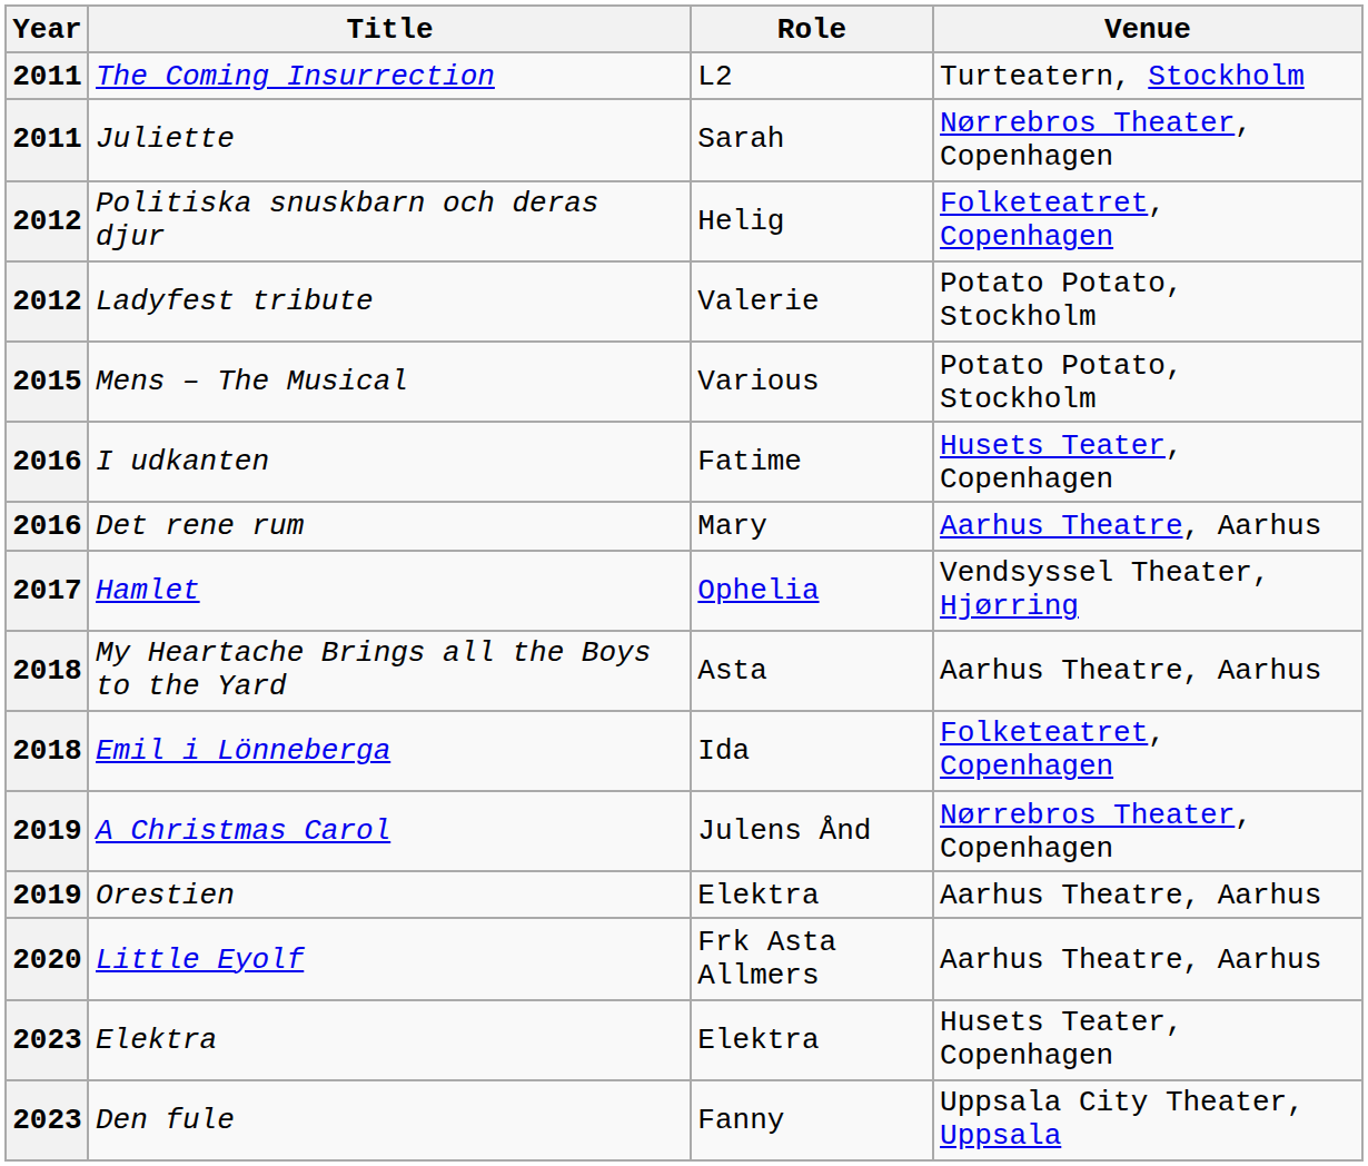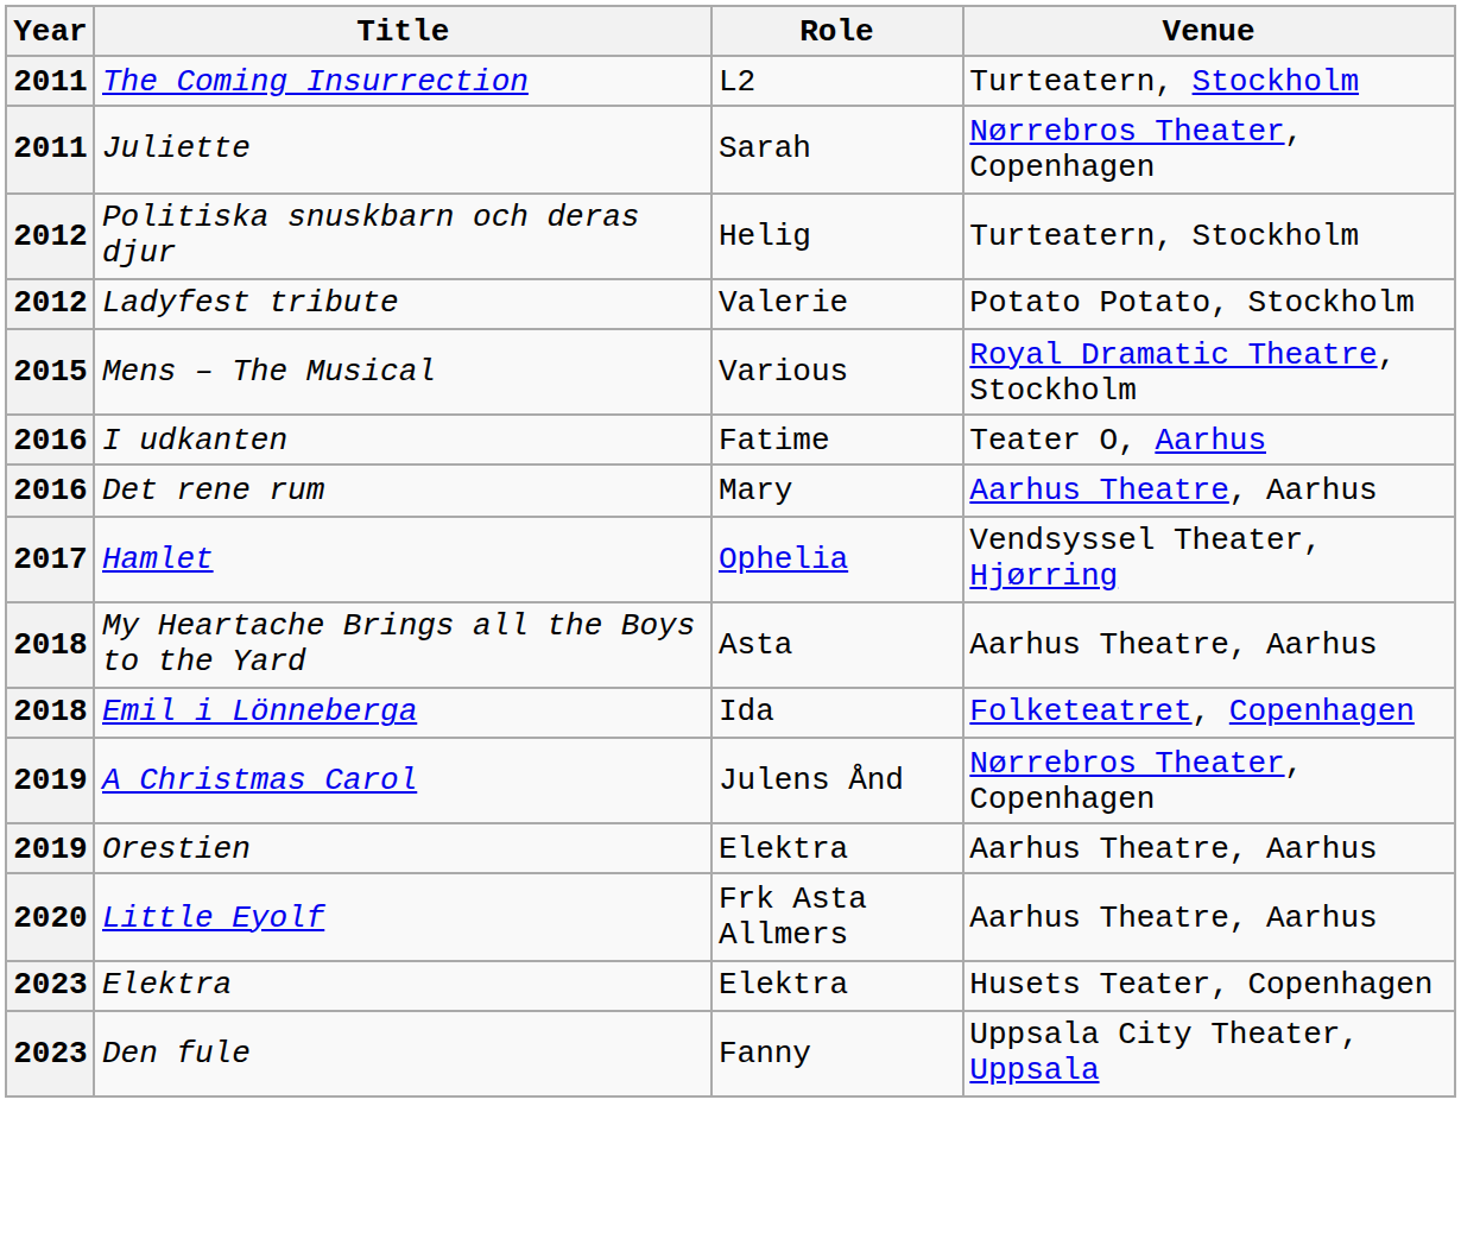 <table class="wikitable sortable plainrowheaders">
 <tr>
 <th>Year</th>
 <th>Title</th>
 <th>Role</th>
 <th>Venue</th>
 </tr>
 <tr>
 <th scope="row">2011</th>
 <td><em><a href='#'>The Coming Insurrection</a></em></td>
 <td>L2</td>
 <td>Turteatern, <a href='#'>Stockholm</a></td>
 </tr>
 <tr>
 <th scope="row">2011</th>
 <td><em>Juliette</em></td>
 <td>Sarah</td>
 <td><a href='#'>Nørrebros Theater</a>, Copenhagen</td>
 </tr>
 <tr>
 <th scope="row">2012</th>
 <td><em>Politiska snuskbarn och deras djur</em></td>
 <td>Helig</td>
-<td><a href='#'>Folketeatret</a>, <a href='#'>Copenhagen</a></td>
+<td>Turteatern, Stockholm</td>
 </tr>
 <tr>
 <th scope="row">2012</th>
 <td><em>Ladyfest tribute</em></td>
 <td>Valerie</td>
 <td>Potato Potato, Stockholm</td>
 </tr>
 <tr>
 <th scope="row">2015</th>
 <td><em>Mens – The Musical</em></td>
 <td>Various</td>
-<td>Potato Potato, Stockholm</td>
+<td><a href='#'>Royal Dramatic Theatre</a>, Stockholm</td>
 </tr>
 <tr>
 <th scope="row">2016</th>
 <td><em>I udkanten</em></td>
 <td>Fatime</td>
-<td><a href='#'>Husets Teater</a>, Copenhagen</td>
+<td>Teater O, <a href='#'>Aarhus</a></td>
 </tr>
 <tr>
 <th scope="row">2016</th>
 <td><em>Det rene rum</em></td>
 <td>Mary</td>
 <td><a href='#'>Aarhus Theatre</a>, Aarhus</td>
 </tr>
 <tr>
 <th scope="row">2017</th>
 <td><em><a href='#'>Hamlet</a></em></td>
 <td><a href='#'>Ophelia</a></td>
 <td>Vendsyssel Theater, <a href='#'>Hjørring</a></td>
 </tr>
 <tr>
 <th scope="row">2018</th>
 <td><em>My Heartache Brings all the Boys to the Yard</em></td>
 <td>Asta</td>
 <td>Aarhus Theatre, Aarhus</td>
 </tr>
 <tr>
 <th scope="row">2018</th>
 <td><em><a href='#'>Emil i Lönneberga</a></em></td>
 <td>Ida</td>
 <td><a href='#'>Folketeatret</a>, <a href='#'>Copenhagen</a></td>
 </tr>
 <tr>
 <th scope="row">2019</th>
 <td><em><a href='#'>A Christmas Carol</a></em></td>
 <td>Julens Ånd</td>
 <td><a href='#'>Nørrebros Theater</a>, Copenhagen</td>
 </tr>
 <tr>
 <th scope="row">2019</th>
 <td><em>Orestien</em></td>
 <td>Elektra</td>
 <td>Aarhus Theatre, Aarhus</td>
 </tr>
 <tr>
 <th scope="row">2020</th>
 <td><em><a href='#'>Little Eyolf</a></em></td>
 <td>‌Frk Asta Allmers</td>
 <td>Aarhus Theatre, Aarhus</td>
 </tr>
 <tr>
 <th scope="row">2023</th>
 <td><em>Elektra</em></td>
 <td>Elektra</td>
 <td>Husets Teater, Copenhagen</td>
 </tr>
 <tr>
 <th scope="row">2023</th>
 <td><em>Den fule</em></td>
 <td>Fanny</td>
 <td>Uppsala City Theater, <a href='#'>Uppsala</a></td>
 </tr>
 </table>
